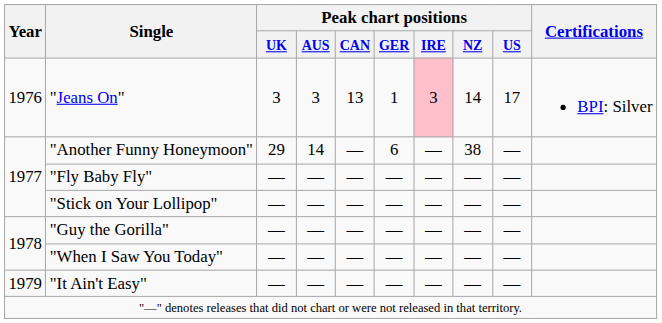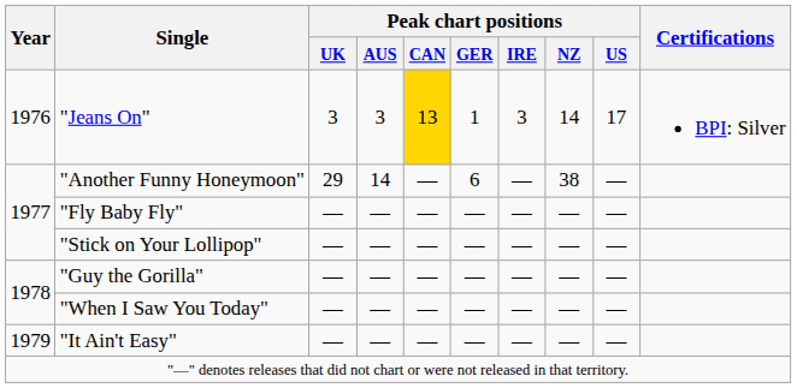 <table class="wikitable" style="text-align:center">
 <tr>
 <th rowspan="2">Year</th>
 <th rowspan="2">Single</th>
 <th colspan="7">Peak chart positions</th>
 <th rowspan="2"><a href='#'>Certifications</a></th>
 </tr>
 <tr>
 <th width=30><small><a href='#'>UK</a></small><br></th>
 <th width=30><small><a href='#'>AUS</a></small><br></th>
 <th width=30><small><a href='#'>CAN</a></small><br></th>
 <th width=30><small><a href='#'>GER</a></small><br></th>
 <th width=30><small><a href='#'>IRE</a></small><br></th>
 <th width=30><small><a href='#'>NZ</a></small><br></th>
 <th width=30><small><a href='#'>US</a></small><br></th>
 </tr>
 <tr>
 <td>1976</td>
 <td align="left">"<a href='#'>Jeans On</a>"</td>
 <td>3</td>
 <td>3</td>
-<td>13</td>
+<td style="background: gold;">13</td>
 <td>1</td>
-<td style="background: pink;">3</td>
+<td>3</td>
 <td>14</td>
 <td>17</td>
 <td><br><ul><li><a href='#'>BPI</a>: Silver</li></ul></td>
 </tr>
 <tr>
 <td rowspan="3">1977</td>
 <td align="left">"Another Funny Honeymoon"</td>
 <td>29</td>
 <td>14</td>
 <td>—</td>
 <td>6</td>
 <td>—</td>
 <td>38</td>
 <td>—</td>
 <td></td>
 </tr>
 <tr>
 <td align="left">"Fly Baby Fly"</td>
 <td>—</td>
 <td>—</td>
 <td>—</td>
 <td>—</td>
 <td>—</td>
 <td>—</td>
 <td>—</td>
 <td></td>
 </tr>
 <tr>
 <td align="left">"Stick on Your Lollipop"</td>
 <td>—</td>
 <td>—</td>
 <td>—</td>
 <td>—</td>
 <td>—</td>
 <td>—</td>
 <td>—</td>
 <td></td>
 </tr>
 <tr>
 <td rowspan="2">1978</td>
 <td align="left">"Guy the Gorilla"</td>
 <td>—</td>
 <td>—</td>
 <td>—</td>
 <td>—</td>
 <td>—</td>
 <td>—</td>
 <td>—</td>
 <td></td>
 </tr>
 <tr>
 <td align="left">"When I Saw You Today"</td>
 <td>—</td>
 <td>—</td>
 <td>—</td>
 <td>—</td>
 <td>—</td>
 <td>—</td>
 <td>—</td>
 <td></td>
 </tr>
 <tr>
 <td>1979</td>
 <td align="left">"It Ain't Easy"</td>
 <td>—</td>
 <td>—</td>
 <td>—</td>
 <td>—</td>
 <td>—</td>
 <td>—</td>
 <td>—</td>
 <td></td>
 </tr>
 <tr>
 <td colspan="10" style="font-size:9pt">"—" denotes releases that did not chart or were not released in that territory.</td>
 </tr>
 </table>
